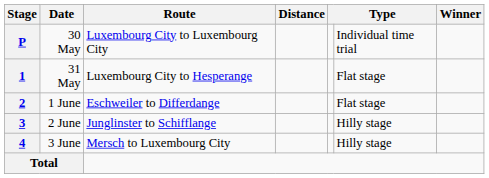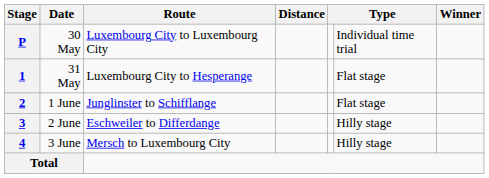 <table class="wikitable">
 <tr>
 <th>Stage</th>
 <th>Date</th>
 <th>Route</th>
 <th>Distance</th>
 <th colspan="2">Type</th>
 <th>Winner</th>
 </tr>
 <tr>
 <th scope="row"><a href='#'>P</a></th>
 <td align=right>30 May</td>
 <td><a href='#'>Luxembourg City</a> to Luxembourg City</td>
 <td style="text-align:right;"></td>
 <td></td>
 <td>Individual time trial</td>
 <td></td>
 </tr>
 <tr>
 <th scope="row"><a href='#'>1</a></th>
 <td align=right>31 May</td>
 <td>Luxembourg City to <a href='#'>Hesperange</a></td>
 <td style="text-align:right;"></td>
 <td></td>
 <td>Flat stage</td>
 <td></td>
 </tr>
 <tr>
 <th scope="row"><a href='#'>2</a></th>
 <td align=right>1 June</td>
-<td><a href='#'>Eschweiler</a> to <a href='#'>Differdange</a></td>
+<td><a href='#'>Junglinster</a> to <a href='#'>Schifflange</a></td>
 <td style="text-align:right;"></td>
 <td></td>
 <td>Flat stage</td>
 <td></td>
 </tr>
 <tr>
 <th scope="row"><a href='#'>3</a></th>
 <td align=right>2 June</td>
-<td><a href='#'>Junglinster</a> to <a href='#'>Schifflange</a></td>
+<td><a href='#'>Eschweiler</a> to <a href='#'>Differdange</a></td>
 <td style="text-align:right;"></td>
 <td></td>
 <td>Hilly stage</td>
 <td></td>
 </tr>
 <tr>
 <th scope="row"><a href='#'>4</a></th>
 <td align=right>3 June</td>
 <td><a href='#'>Mersch</a> to Luxembourg City</td>
 <td style="text-align:right;"></td>
 <td></td>
 <td>Hilly stage</td>
 <td></td>
 </tr>
 <tr>
 <th colspan="2" style="text-align:center;">Total</th>
 <td colspan="5" style="text-align:center;"></td>
 </tr>
 </table>
